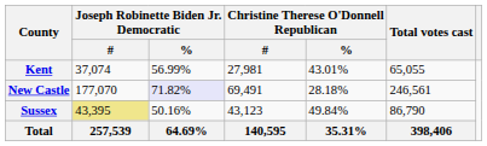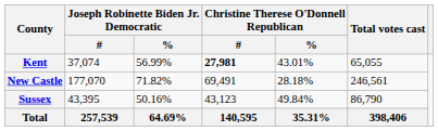 <table class="wikitable sortable">
 <tr>
 <th scope=col rowspan="2">County</th>
 <th scope=col style="text-align:center;" colspan="2">Joseph Robinette Biden Jr. <br>Democratic</th>
 <th scope=col style="text-align:center;" colspan="2">Christine Therese O'Donnell <br>Republican</th>
 <th scope=col rowspan="2">Total votes cast</th>
 <th scope=col rowspan="2" class="unsortable"></th>
 </tr>
 <tr>
 <th style="text-align:center;" data-sort-type="number">#</th>
 <th style="text-align:center;" data-sort-type="number">%</th>
 <th style="text-align:center;" data-sort-type="number">#</th>
 <th style="text-align:center;" data-sort-type="number">%</th>
 </tr>
 <tr>
 <th scope=row ><a href='#'>Kent</a></th>
 <td>37,074</td>
 <td>56.99%</td>
-<td>27,981</td>
+<td><strong>27,981</strong></td>
 <td>43.01%</td>
 <td>65,055</td>
 <td rowspan="4"></td>
 </tr>
 <tr>
 <th scope=row ><a href='#'>New Castle</a></th>
 <td>177,070</td>
-<td style="background: lavender;">71.82%</td>
+<td>71.82%</td>
 <td>69,491</td>
 <td>28.18%</td>
 <td>246,561</td>
 </tr>
 <tr>
 <th scope=row ><a href='#'>Sussex</a></th>
-<td style="background: khaki;">43,395</td>
+<td>43,395</td>
 <td>50.16%</td>
 <td>43,123</td>
 <td>49.84%</td>
 <td>86,790</td>
 </tr>
 <tr>
 <th>Total</th>
 <th>257,539</th>
 <th>64.69%</th>
 <th>140,595</th>
 <th>35.31%</th>
 <th>398,406</th>
 </tr>
 </table>
